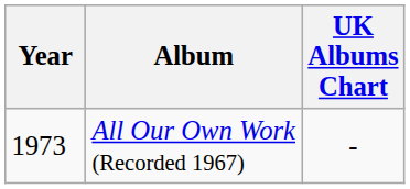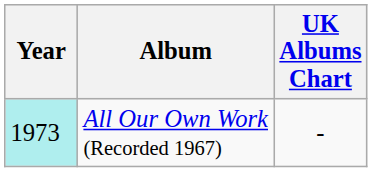 <table class="wikitable">
 <tr>
 <th width="40">Year</th>
 <th>Album</th>
 <th width="40"><a href='#'>UK Albums Chart</a></th>
 </tr>
 <tr>
-<td>1973</td>
+<td style="background: paleturquoise;">1973</td>
 <td><em><a href='#'>All Our Own Work</a></em> <br> <small>(Recorded 1967)</small></td>
 <td align="center">-</td>
 </tr>
 </table>
